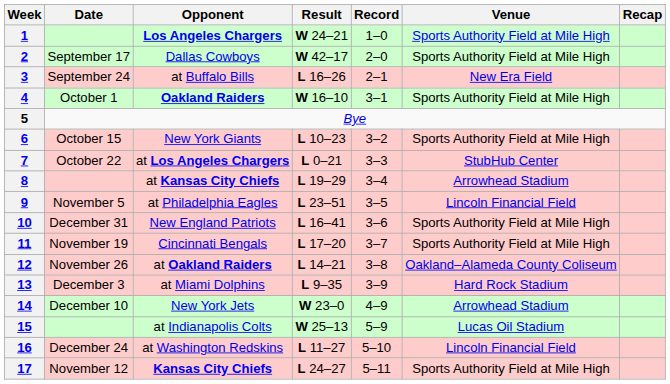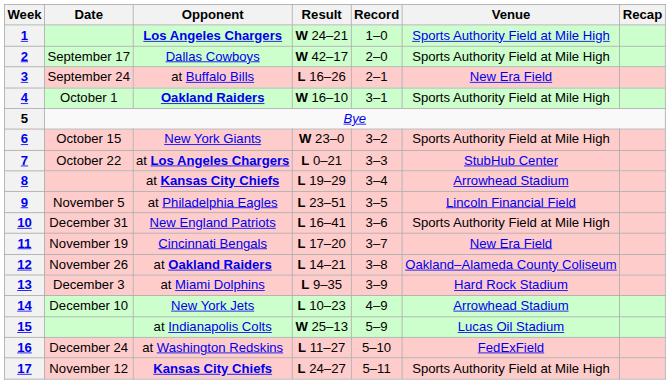 <table class="wikitable" style="text-align:center">
 <tr>
 <th>Week</th>
 <th>Date</th>
 <th>Opponent</th>
 <th>Result</th>
 <th>Record</th>
 <th>Venue</th>
 <th>Recap</th>
 </tr>
 <tr style="background:#cfc">
 <th><a href='#'>1</a></th>
 <td></td>
 <td><strong><a href='#'>Los Angeles Chargers</a></strong></td>
 <td><strong>W</strong> 24–21</td>
 <td>1–0</td>
 <td><a href='#'>Sports Authority Field at Mile High</a></td>
 <td></td>
 </tr>
 <tr style="background:#cfc">
 <th><a href='#'>2</a></th>
 <td>September 17</td>
 <td><a href='#'>Dallas Cowboys</a></td>
 <td><strong>W</strong> 42–17</td>
 <td>2–0</td>
 <td>Sports Authority Field at Mile High</td>
 <td></td>
 </tr>
 <tr style="background:#fcc">
 <th><a href='#'>3</a></th>
 <td>September 24</td>
 <td>at <a href='#'>Buffalo Bills</a></td>
 <td><strong>L</strong> 16–26</td>
 <td>2–1</td>
 <td><a href='#'>New Era Field</a></td>
 <td></td>
 </tr>
 <tr style="background:#cfc">
 <th><a href='#'>4</a></th>
 <td>October 1</td>
 <td><strong><a href='#'>Oakland Raiders</a></strong></td>
 <td><strong>W</strong> 16–10</td>
 <td>3–1</td>
 <td>Sports Authority Field at Mile High</td>
 <td></td>
 </tr>
 <tr>
 <th>5</th>
 <td colspan="6"><em><a href='#'>Bye</a></em></td>
 </tr>
 <tr style="background:#fcc">
 <th><a href='#'>6</a></th>
 <td>October 15</td>
 <td><a href='#'>New York Giants</a></td>
-<td><strong>L</strong> 10–23</td>
+<td><strong>W</strong> 23–0</td>
 <td>3–2</td>
 <td>Sports Authority Field at Mile High</td>
 <td></td>
 </tr>
 <tr style="background:#fcc">
 <th><a href='#'>7</a></th>
 <td>October 22</td>
 <td>at <strong><a href='#'>Los Angeles Chargers</a></strong></td>
 <td><strong>L</strong> 0–21</td>
 <td>3–3</td>
 <td><a href='#'>StubHub Center</a></td>
 <td></td>
 </tr>
 <tr style="background:#fcc">
 <th><a href='#'>8</a></th>
 <td></td>
 <td>at <strong><a href='#'>Kansas City Chiefs</a></strong></td>
 <td><strong>L</strong> 19–29</td>
 <td>3–4</td>
 <td><a href='#'>Arrowhead Stadium</a></td>
 <td></td>
 </tr>
 <tr style="background:#fcc">
 <th><a href='#'>9</a></th>
 <td>November 5</td>
 <td>at <a href='#'>Philadelphia Eagles</a></td>
 <td><strong>L</strong> 23–51</td>
 <td>3–5</td>
 <td><a href='#'>Lincoln Financial Field</a></td>
 <td></td>
 </tr>
 <tr style="background:#fcc">
 <th><a href='#'>10</a></th>
 <td>December 31</td>
 <td><a href='#'>New England Patriots</a></td>
 <td><strong>L</strong> 16–41</td>
 <td>3–6</td>
 <td>Sports Authority Field at Mile High</td>
 <td></td>
 </tr>
 <tr style="background:#fcc">
 <th><a href='#'>11</a></th>
 <td>November 19</td>
 <td><a href='#'>Cincinnati Bengals</a></td>
 <td><strong>L</strong> 17–20</td>
 <td>3–7</td>
-<td>Sports Authority Field at Mile High</td>
+<td><a href='#'>New Era Field</a></td>
 <td></td>
 </tr>
 <tr style="background:#fcc">
 <th><a href='#'>12</a></th>
 <td>November 26</td>
 <td>at <strong><a href='#'>Oakland Raiders</a></strong></td>
 <td><strong>L</strong> 14–21</td>
 <td>3–8</td>
 <td><a href='#'>Oakland–Alameda County Coliseum</a></td>
 <td></td>
 </tr>
 <tr style="background:#fcc">
 <th><a href='#'>13</a></th>
 <td>December 3</td>
 <td>at <a href='#'>Miami Dolphins</a></td>
 <td><strong>L</strong> 9–35</td>
 <td>3–9</td>
 <td><a href='#'>Hard Rock Stadium</a></td>
 <td></td>
 </tr>
 <tr style="background:#cfc">
 <th><a href='#'>14</a></th>
 <td>December 10</td>
 <td><a href='#'>New York Jets</a></td>
-<td><strong>W</strong> 23–0</td>
+<td><strong>L</strong> 10–23</td>
 <td>4–9</td>
 <td><a href='#'>Arrowhead Stadium</a></td>
 <td></td>
 </tr>
 <tr style="background:#cfc">
 <th><a href='#'>15</a></th>
 <td></td>
 <td>at <a href='#'>Indianapolis Colts</a></td>
 <td><strong>W</strong> 25–13</td>
 <td>5–9</td>
 <td><a href='#'>Lucas Oil Stadium</a></td>
 <td></td>
 </tr>
 <tr style="background:#fcc">
 <th><a href='#'>16</a></th>
 <td>December 24</td>
 <td>at <a href='#'>Washington Redskins</a></td>
 <td><strong>L</strong> 11–27</td>
 <td>5–10</td>
-<td><a href='#'>Lincoln Financial Field</a></td>
+<td><a href='#'>FedExField</a></td>
 <td></td>
 </tr>
 <tr style="background:#fcc">
 <th><a href='#'>17</a></th>
 <td>November 12</td>
 <td><strong><a href='#'>Kansas City Chiefs</a></strong></td>
 <td><strong>L</strong> 24–27</td>
 <td>5–11</td>
 <td>Sports Authority Field at Mile High</td>
 <td></td>
 </tr>
 </table>
